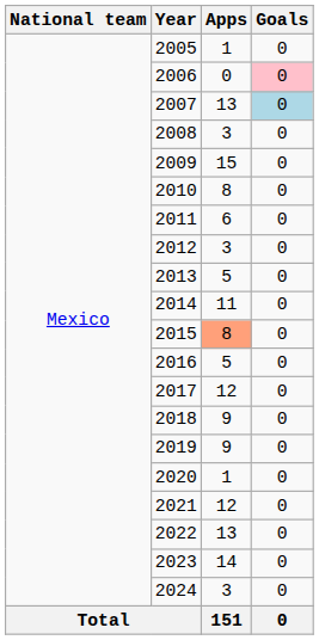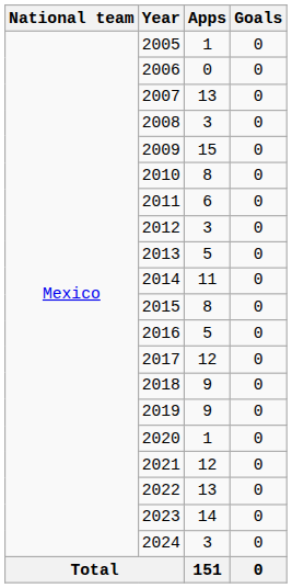 <table class="wikitable" style="text-align:center">
 <tr>
 <th>National team</th>
 <th>Year</th>
 <th>Apps</th>
 <th>Goals</th>
 </tr>
 <tr>
 <td rowspan="20"><a href='#'>Mexico</a></td>
 <td>2005</td>
 <td>1</td>
 <td>0</td>
 </tr>
 <tr>
 <td>2006</td>
 <td>0</td>
-<td style="background: pink;">0</td>
+<td>0</td>
 </tr>
 <tr>
 <td>2007</td>
 <td>13</td>
-<td style="background: lightblue;">0</td>
+<td>0</td>
 </tr>
 <tr>
 <td>2008</td>
 <td>3</td>
 <td>0</td>
 </tr>
 <tr>
 <td>2009</td>
 <td>15</td>
 <td>0</td>
 </tr>
 <tr>
 <td>2010</td>
 <td>8</td>
 <td>0</td>
 </tr>
 <tr>
 <td>2011</td>
 <td>6</td>
 <td>0</td>
 </tr>
 <tr>
 <td>2012</td>
 <td>3</td>
 <td>0</td>
 </tr>
 <tr>
 <td>2013</td>
 <td>5</td>
 <td>0</td>
 </tr>
 <tr>
 <td>2014</td>
 <td>11</td>
 <td>0</td>
 </tr>
 <tr>
 <td>2015</td>
-<td style="background: lightsalmon;">8</td>
+<td>8</td>
 <td>0</td>
 </tr>
 <tr>
 <td>2016</td>
 <td>5</td>
 <td>0</td>
 </tr>
 <tr>
 <td>2017</td>
 <td>12</td>
 <td>0</td>
 </tr>
 <tr>
 <td>2018</td>
 <td>9</td>
 <td>0</td>
 </tr>
 <tr>
 <td>2019</td>
 <td>9</td>
 <td>0</td>
 </tr>
 <tr>
 <td>2020</td>
 <td>1</td>
 <td>0</td>
 </tr>
 <tr>
 <td>2021</td>
 <td>12</td>
 <td>0</td>
 </tr>
 <tr>
 <td>2022</td>
 <td>13</td>
 <td>0</td>
 </tr>
 <tr>
 <td>2023</td>
 <td>14</td>
 <td>0</td>
 </tr>
 <tr>
 <td>2024</td>
 <td>3</td>
 <td>0</td>
 </tr>
 <tr>
 <th colspan="2">Total</th>
 <th>151</th>
 <th>0</th>
 </tr>
 </table>
